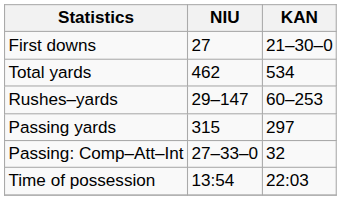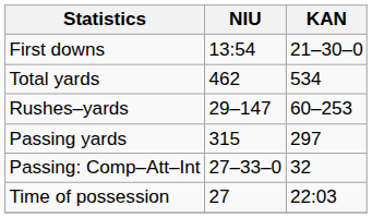 <table class="wikitable" style="float: left;">
 <tr>
 <th>Statistics</th>
 <th>NIU</th>
 <th>KAN</th>
 </tr>
 <tr>
 <td>First downs</td>
-<td>27</td>
+<td>13:54</td>
 <td>21–30–0</td>
 </tr>
 <tr>
 <td>Total yards</td>
 <td>462</td>
 <td>534</td>
 </tr>
 <tr>
 <td>Rushes–yards</td>
 <td>29–147</td>
 <td>60–253</td>
 </tr>
 <tr>
 <td>Passing yards</td>
 <td>315</td>
 <td>297</td>
 </tr>
 <tr>
 <td>Passing: Comp–Att–Int</td>
 <td>27–33–0</td>
 <td>32</td>
 </tr>
 <tr>
 <td>Time of possession</td>
-<td>13:54</td>
+<td>27</td>
 <td>22:03</td>
 </tr>
 <tr>
 </tr>
 </table>
